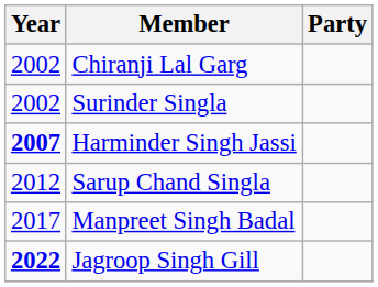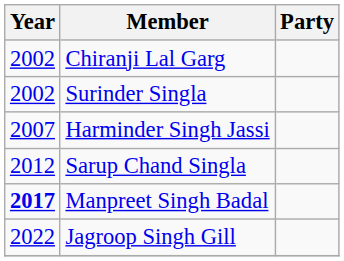 <table class="wikitable sortable">
 <tr>
 <th>Year</th>
 <th>Member</th>
 <th colspan="2">Party</th>
 </tr>
 <tr>
 <td><a href='#'>2002</a></td>
 <td><a href='#'>Chiranji Lal Garg</a></td>
 <td></td>
 </tr>
 <tr>
 <td><a href='#'>2002</a></td>
 <td><a href='#'>Surinder Singla</a></td>
 <td></td>
 </tr>
 <tr>
-<td><strong><a href='#'>2007</a></strong></td>
+<td><a href='#'>2007</a></td>
 <td><a href='#'>Harminder Singh Jassi</a></td>
 <td></td>
 </tr>
 <tr>
 <td><a href='#'>2012</a></td>
 <td><a href='#'>Sarup Chand Singla</a></td>
 <td></td>
 </tr>
 <tr>
-<td><a href='#'>2017</a></td>
+<td><strong><a href='#'>2017</a></strong></td>
 <td><a href='#'>Manpreet Singh Badal</a></td>
 <td></td>
 </tr>
 <tr>
-<td><strong><a href='#'>2022</a></strong></td>
+<td><a href='#'>2022</a></td>
 <td><a href='#'>Jagroop Singh Gill</a></td>
 <td></td>
 </tr>
 <tr>
 </tr>
 </table>
